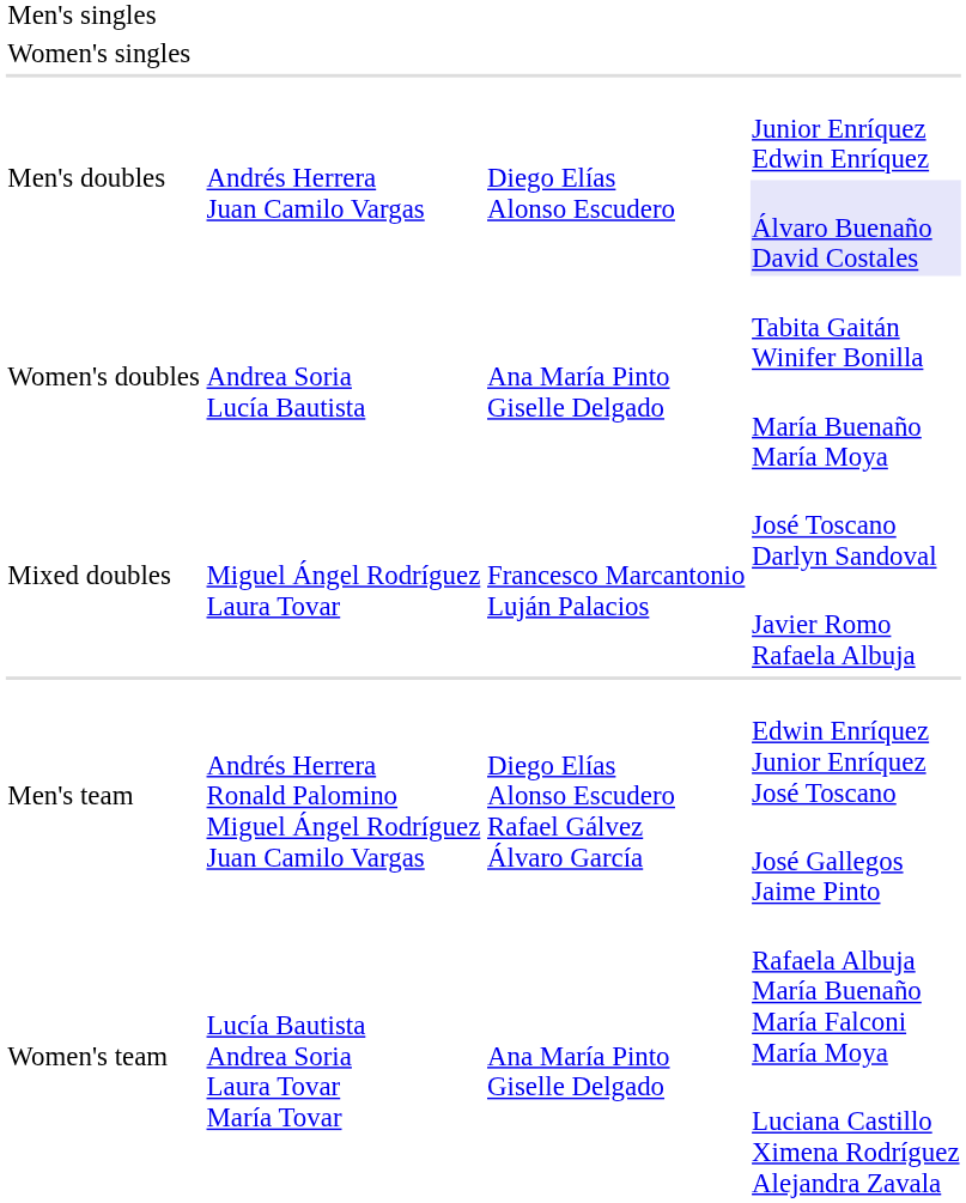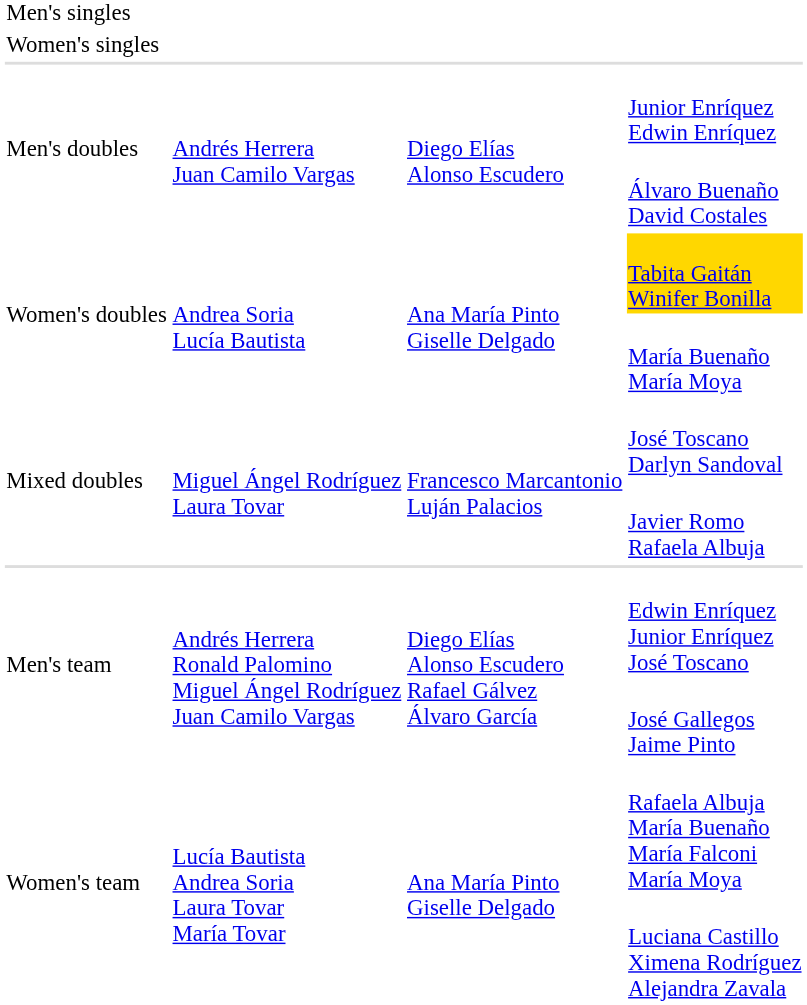 <table>
 <tr>
 <td rowspan=2>Men's singles<br></td>
 <td rowspan=2></td>
 <td rowspan=2></td>
 <td></td>
 </tr>
 <tr>
 <td></td>
 </tr>
 <tr>
 <td rowspan=2>Women's singles<br></td>
 <td rowspan=2></td>
 <td rowspan=2></td>
 <td></td>
 </tr>
 <tr>
 <td></td>
 </tr>
 <tr bgcolor=#DDDDDD>
 <td colspan=7></td>
 </tr>
 <tr>
 <td rowspan=2>Men's doubles<br></td>
 <td rowspan=2><br><a href='#'>Andrés Herrera</a><br><a href='#'>Juan Camilo Vargas</a></td>
 <td rowspan=2><br><a href='#'>Diego Elías</a><br><a href='#'>Alonso Escudero</a></td>
 <td><br><a href='#'>Junior Enríquez</a><br><a href='#'>Edwin Enríquez</a></td>
 </tr>
 <tr>
-<td style="background: lavender;"><br><a href='#'>Álvaro Buenaño</a><br><a href='#'>David Costales</a></td>
+<td><br><a href='#'>Álvaro Buenaño</a><br><a href='#'>David Costales</a></td>
 </tr>
 <tr>
 <td rowspan=2>Women's doubles<br></td>
 <td rowspan=2><br><a href='#'>Andrea Soria</a><br><a href='#'>Lucía Bautista</a></td>
 <td rowspan=2><br><a href='#'>Ana María Pinto</a><br><a href='#'>Giselle Delgado</a></td>
-<td><br><a href='#'>Tabita Gaitán</a><br><a href='#'>Winifer Bonilla</a></td>
+<td style="background: gold;"><br><a href='#'>Tabita Gaitán</a><br><a href='#'>Winifer Bonilla</a></td>
 </tr>
 <tr>
 <td><br><a href='#'>María Buenaño</a><br><a href='#'>María Moya</a></td>
 </tr>
 <tr>
 <td rowspan=2>Mixed doubles<br></td>
 <td rowspan=2><br><a href='#'>Miguel Ángel Rodríguez</a><br><a href='#'>Laura Tovar</a></td>
 <td rowspan=2><br><a href='#'>Francesco Marcantonio</a><br><a href='#'>Luján Palacios</a></td>
 <td><br><a href='#'>José Toscano</a><br><a href='#'>Darlyn Sandoval</a></td>
 </tr>
 <tr>
 <td><br><a href='#'>Javier Romo</a><br><a href='#'>Rafaela Albuja</a></td>
 </tr>
 <tr bgcolor=#DDDDDD>
 <td colspan=7></td>
 </tr>
 <tr>
 <td rowspan=2>Men's team<br></td>
 <td rowspan=2><br><a href='#'>Andrés Herrera</a><br><a href='#'>Ronald Palomino</a><br><a href='#'>Miguel Ángel Rodríguez</a><br><a href='#'>Juan Camilo Vargas</a></td>
 <td rowspan=2><br><a href='#'>Diego Elías</a><br><a href='#'>Alonso Escudero</a><br><a href='#'>Rafael Gálvez</a><br><a href='#'>Álvaro García</a></td>
 <td><br><a href='#'>Edwin Enríquez</a><br><a href='#'>Junior Enríquez</a><br><a href='#'>José Toscano</a></td>
 </tr>
 <tr>
 <td><br><a href='#'>José Gallegos</a><br><a href='#'>Jaime Pinto</a></td>
 </tr>
 <tr>
 <td rowspan=2>Women's team<br></td>
 <td rowspan=2><br><a href='#'>Lucía Bautista</a><br><a href='#'>Andrea Soria</a><br><a href='#'>Laura Tovar</a><br><a href='#'>María Tovar</a></td>
 <td rowspan=2><br><a href='#'>Ana María Pinto</a><br><a href='#'>Giselle Delgado</a></td>
 <td><br><a href='#'>Rafaela Albuja</a><br><a href='#'>María Buenaño</a><br><a href='#'>María Falconi</a><br><a href='#'>María Moya</a></td>
 </tr>
 <tr>
 <td><br><a href='#'>Luciana Castillo</a><br><a href='#'>Ximena Rodríguez</a><br><a href='#'>Alejandra Zavala</a></td>
 </tr>
 </table>
